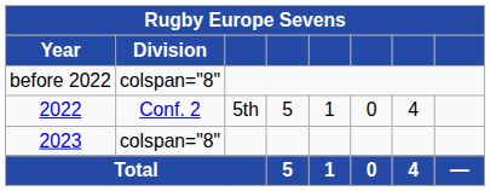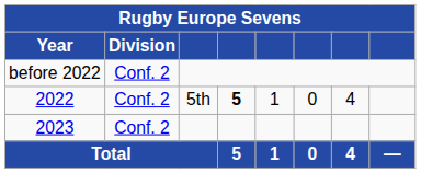 <table class="wikitable" style="text-align:center">
 <tr>
 <th colspan=12 style="background:#244AA5;color:white;">Rugby Europe Sevens</th>
 </tr>
 <tr>
 <th style="background:#244AA5;color:white;">Year</th>
 <th style="background:#244AA5;color:white;">Division</th>
 <th width="28" style="background:#244AA5;color:white;"></th>
 <th width="28" style="background:#244AA5;color:white;"></th>
 <th width="28" style="background:#244AA5;color:white;"></th>
 <th width="28" style="background:#244AA5;color:white;"></th>
 <th width="28" style="background:#244AA5;color:white;"></th>
 <th width="35" style="background:#244AA5;color:white;"></th>
 </tr>
 <tr>
 <td>before 2022</td>
-<td>colspan="8" </td>
+<td><a href='#'>Conf. 2</a></td>
 </tr>
 <tr>
 <td> <a href='#'>2022</a></td>
 <td><a href='#'>Conf. 2</a></td>
 <td>5th</td>
-<td>5</td>
+<td><strong>5</strong></td>
 <td>1</td>
 <td>0</td>
 <td>4</td>
 <td></td>
 </tr>
 <tr>
 <td> <a href='#'>2023</a></td>
-<td>colspan="8" </td>
+<td><a href='#'>Conf. 2</a></td>
 <td></td>
 <td></td>
 <td></td>
 <td></td>
 <td></td>
 <td></td>
 </tr>
 <tr>
 <th colspan="3" style="background:#244AA5;color:white;">Total</th>
 <th style="background:#244AA5;color:white;">5</th>
 <th style="background:#244AA5;color:white;">1</th>
 <th style="background:#244AA5;color:white;">0</th>
 <th style="background:#244AA5;color:white;">4</th>
 <th style="background:#244AA5;color:white;">—</th>
 </tr>
 </table>
